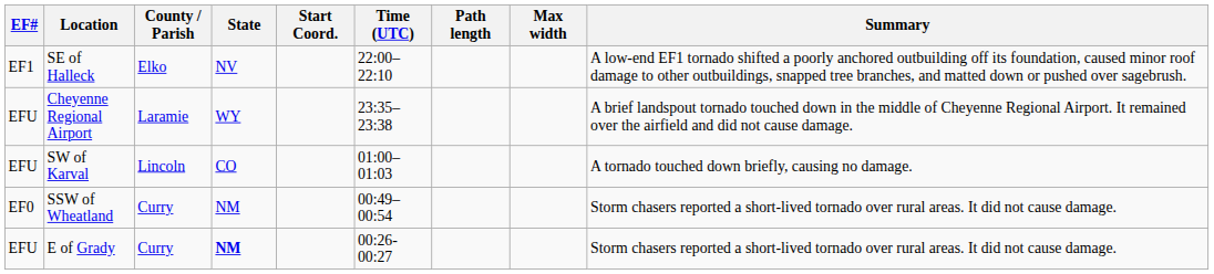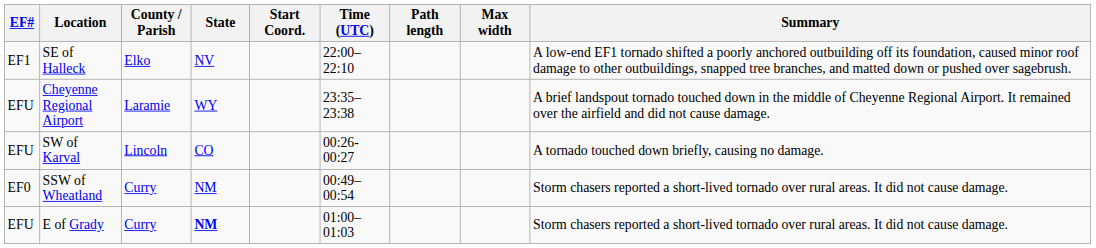 <table class="wikitable sortable" style="width:100%;">
 <tr>
 <th scope="col"  style="width:3%; text-align:center;"><a href='#'>EF#</a></th>
 <th scope="col"  style="width:7%; text-align:center;" class="unsortable">Location</th>
 <th scope="col"  style="width:6%; text-align:center;" class="unsortable">County / Parish</th>
 <th scope="col"  style="width:5%; text-align:center;">State</th>
 <th scope="col"  style="width:6%; text-align:center;">Start Coord.</th>
 <th scope="col"  style="width:6%; text-align:center;">Time (<a href='#'>UTC</a>)</th>
 <th scope="col"  style="width:6%; text-align:center;">Path length</th>
 <th scope="col"  style="width:6%; text-align:center;">Max width</th>
 <th scope="col" class="unsortable" style="width:48%; text-align:center;">Summary</th>
 </tr>
 <tr>
 <td>EF1</td>
 <td>SE of <a href='#'>Halleck</a></td>
 <td><a href='#'>Elko</a></td>
 <td><a href='#'>NV</a></td>
 <td></td>
 <td>22:00–22:10</td>
 <td></td>
 <td></td>
 <td>A low-end EF1 tornado shifted a poorly anchored outbuilding off its foundation, caused minor roof damage to other outbuildings, snapped tree branches, and matted down or pushed over sagebrush.</td>
 </tr>
 <tr>
 <td>EFU</td>
 <td><a href='#'>Cheyenne Regional Airport</a></td>
 <td><a href='#'>Laramie</a></td>
 <td><a href='#'>WY</a></td>
 <td></td>
 <td>23:35–23:38</td>
 <td></td>
 <td></td>
 <td>A brief landspout tornado touched down in the middle of Cheyenne Regional Airport. It remained over the airfield and did not cause damage.</td>
 </tr>
 <tr>
 <td>EFU</td>
 <td>SW of <a href='#'>Karval</a></td>
 <td><a href='#'>Lincoln</a></td>
 <td><a href='#'>CO</a></td>
 <td></td>
-<td>01:00–01:03</td>
+<td>00:26-00:27</td>
 <td></td>
 <td></td>
 <td>A tornado touched down briefly, causing no damage.</td>
 </tr>
 <tr>
 <td>EF0</td>
 <td>SSW of <a href='#'>Wheatland</a></td>
 <td><a href='#'>Curry</a></td>
 <td><a href='#'>NM</a></td>
 <td></td>
 <td>00:49–00:54</td>
 <td></td>
 <td></td>
 <td>Storm chasers reported a short-lived tornado over rural areas. It did not cause damage.</td>
 </tr>
 <tr>
 <td>EFU</td>
 <td>E of <a href='#'>Grady</a></td>
 <td><a href='#'>Curry</a></td>
 <td><strong><a href='#'>NM</a></strong></td>
 <td></td>
-<td>00:26-00:27</td>
+<td>01:00–01:03</td>
 <td></td>
 <td></td>
 <td>Storm chasers reported a short-lived tornado over rural areas. It did not cause damage.</td>
 </tr>
 </table>
